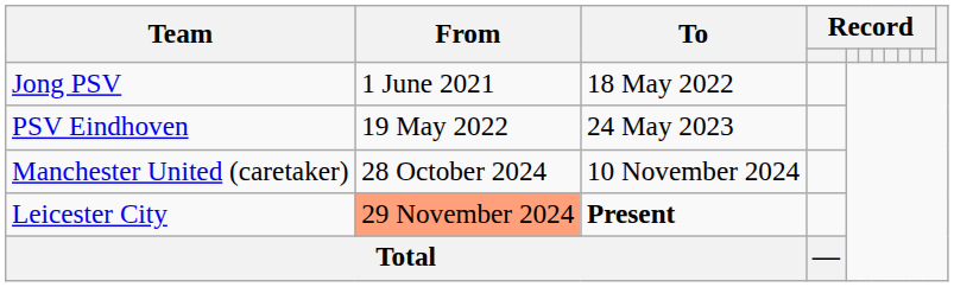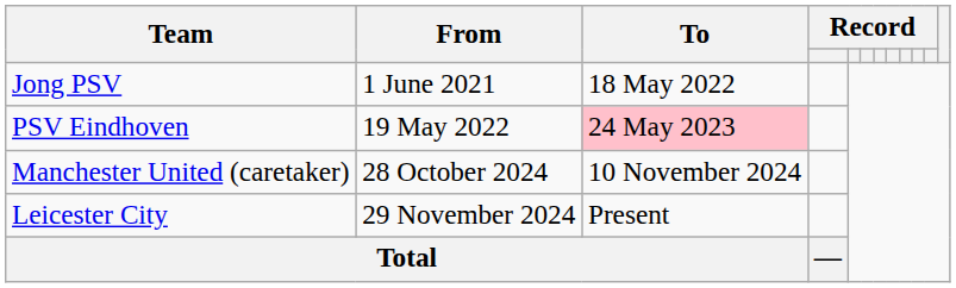 <table class="wikitable" style="text-align: center">
 <tr>
 <th rowspan="2">Team</th>
 <th rowspan="2">From</th>
 <th rowspan="2">To</th>
 <th colspan="8">Record</th>
 <th rowspan=2></th>
 </tr>
 <tr>
 <th></th>
 <th></th>
 <th></th>
 <th></th>
 <th></th>
 <th></th>
 <th></th>
 <th></th>
 </tr>
 <tr>
 <td align=left><a href='#'>Jong PSV</a></td>
 <td align=left>1 June 2021</td>
 <td align=left>18 May 2022<br></td>
 <td></td>
 </tr>
 <tr>
 <td align=left><a href='#'>PSV Eindhoven</a></td>
 <td align=left>19 May 2022</td>
-<td align=left>24 May 2023<br></td>
+<td align=left style="background: pink;">24 May 2023<br></td>
 <td></td>
 </tr>
 <tr>
 <td align=left><a href='#'>Manchester United</a> (caretaker)</td>
 <td align=left>28 October 2024</td>
 <td align=left>10 November 2024<br></td>
 <td></td>
 </tr>
 <tr>
 <td align=left><a href='#'>Leicester City</a></td>
-<td align=left style="background: lightsalmon;">29 November 2024</td>
-<td align=left><strong>Present<br></strong></td>
+<td align=left>29 November 2024</td>
+<td align=left>Present<br></td>
 <td></td>
 </tr>
 <tr>
 <th colspan="3">Total<br></th>
 <th>—</th>
 </tr>
 </table>
